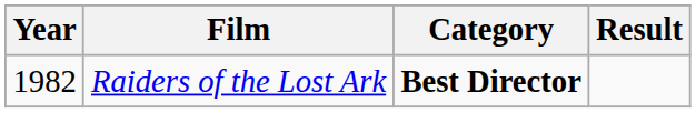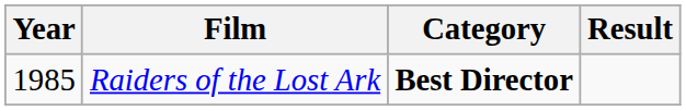 <table class="wikitable">
 <tr>
 <th>Year</th>
 <th>Film</th>
 <th>Category</th>
 <th>Result</th>
 </tr>
 <tr>
-<td style="text-align:center;">1982</td>
+<td style="text-align:center;">1985</td>
 <td style="text-align:center;"><em><a href='#'>Raiders of the Lost Ark</a></em></td>
 <td style="text-align:center;"><strong>Best Director</strong></td>
 <td></td>
 </tr>
 </table>
